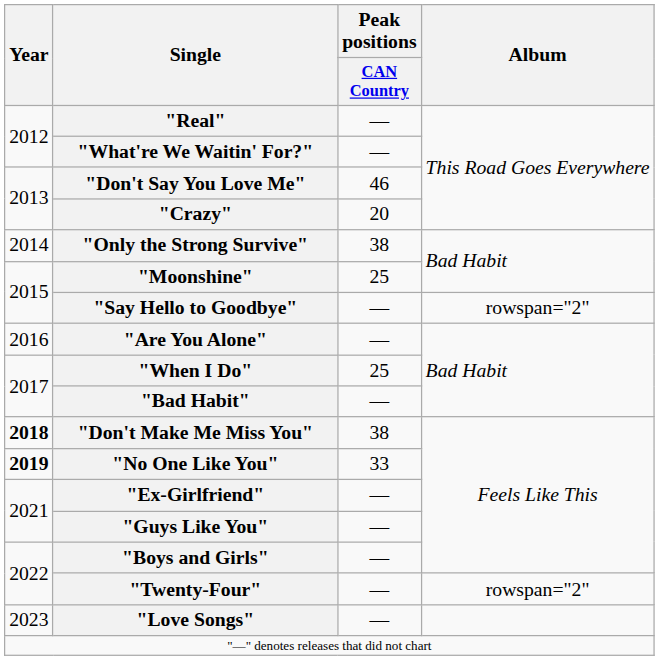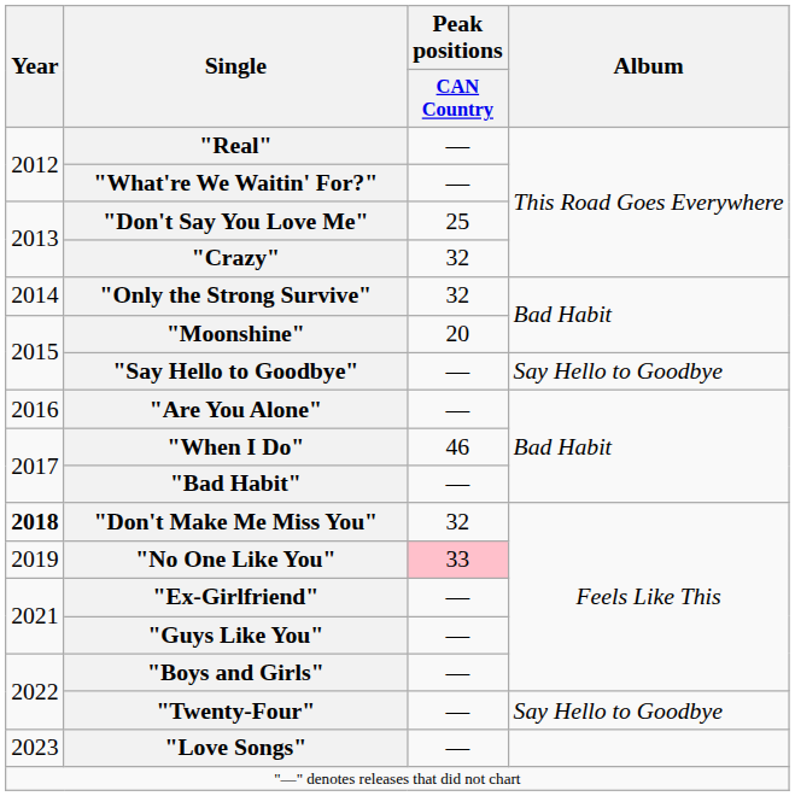 <table class="wikitable plainrowheaders" style="text-align:center;">
 <tr>
 <th rowspan="2">Year</th>
 <th rowspan="2" style="width:14em;">Single</th>
 <th>Peak positions</th>
 <th rowspan="2">Album</th>
 </tr>
 <tr style="font-size:smaller;">
 <th style="width:4em;"><a href='#'>CAN Country</a><br></th>
 </tr>
 <tr>
 <td rowspan="2">2012</td>
 <th scope="row">"Real"</th>
 <td>—</td>
 <td align="left" rowspan="4"><em>This Road Goes Everywhere</em></td>
 </tr>
 <tr>
 <th scope="row">"What're We Waitin' For?"</th>
 <td>—</td>
 </tr>
 <tr>
 <td rowspan="2">2013</td>
 <th scope="row">"Don't Say You Love Me"</th>
-<td>46</td>
+<td>25</td>
 </tr>
 <tr>
 <th scope="row">"Crazy"</th>
-<td>20</td>
+<td>32</td>
 </tr>
 <tr>
 <td>2014</td>
 <th scope="row">"Only the Strong Survive"</th>
-<td>38</td>
+<td>32</td>
 <td align="left" rowspan="2"><em>Bad Habit</em></td>
 </tr>
 <tr>
 <td rowspan="2">2015</td>
 <th scope="row">"Moonshine"</th>
-<td>25</td>
+<td>20</td>
 </tr>
 <tr>
 <th scope="row">"Say Hello to Goodbye"</th>
 <td>—</td>
-<td>rowspan="2" </td>
+<td align="left"><em>Say Hello to Goodbye</em></td>
 </tr>
 <tr>
 <td>2016</td>
 <th scope="row">"Are You Alone"</th>
 <td>—</td>
 <td align="left" rowspan="3"><em>Bad Habit</em></td>
 </tr>
 <tr>
 <td rowspan="2">2017</td>
 <th scope="row">"When I Do"</th>
-<td>25</td>
+<td>46</td>
 </tr>
 <tr>
 <th scope="row">"Bad Habit"</th>
 <td>—</td>
 </tr>
 <tr>
 <td><strong>2018</strong></td>
 <th scope="row">"Don't Make Me Miss You"</th>
-<td>38</td>
+<td>32</td>
 <td rowspan="5"><em>Feels Like This</em></td>
 </tr>
 <tr>
-<td><strong>2019</strong></td>
+<td>2019</td>
 <th scope="row">"No One Like You"</th>
-<td>33</td>
+<td style="background: pink;">33</td>
 </tr>
 <tr>
 <td rowspan="2">2021</td>
 <th scope="row">"Ex-Girlfriend"</th>
 <td>—</td>
 </tr>
 <tr>
 <th scope="row">"Guys Like You"</th>
 <td>—</td>
 </tr>
 <tr>
 <td rowspan="2">2022</td>
 <th scope="row">"Boys and Girls"</th>
 <td>—</td>
 </tr>
 <tr>
 <th scope="row">"Twenty-Four"</th>
 <td>—</td>
-<td>rowspan="2" </td>
+<td align="left"><em>Say Hello to Goodbye</em></td>
 </tr>
 <tr>
 <td>2023</td>
 <th scope="row">"Love Songs"</th>
 <td>—</td>
 </tr>
 <tr>
 <td colspan="4" style="font-size:8pt">"—" denotes releases that did not chart</td>
 </tr>
 </table>
